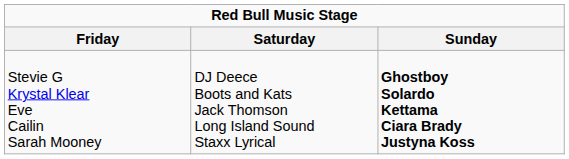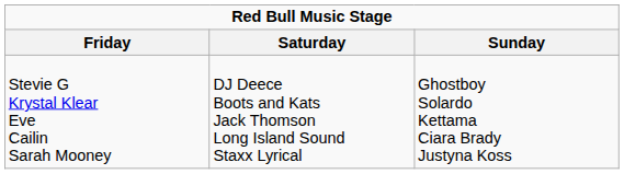 <table class="wikitable">
 <tr>
 <td colspan="3" style="text-align:center;"><strong>Red Bull Music Stage</strong></td>
 </tr>
 <tr>
 <th>Friday</th>
 <th>Saturday</th>
 <th>Sunday</th>
 </tr>
 <tr>
 <td style="text-align:left; vertical-align:top; width:200px;"><br>Stevie G <br><a href='#'>Krystal Klear</a> <br>Eve <br>Cailin <br>Sarah Mooney <br></td>
 <td style="text-align:left; vertical-align:top; width:200px;"><br>DJ Deece <br>Boots and Kats <br>Jack Thomson <br>Long Island Sound <br>Staxx Lyrical</td>
-<td style="text-align:left; vertical-align:top; width:200px;"><strong><br>Ghostboy <br>Solardo <br>Kettama <br>Ciara Brady <br>Justyna Koss</strong></td>
+<td style="text-align:left; vertical-align:top; width:200px;"><br>Ghostboy <br>Solardo <br>Kettama <br>Ciara Brady <br>Justyna Koss</td>
 </tr>
 </table>
